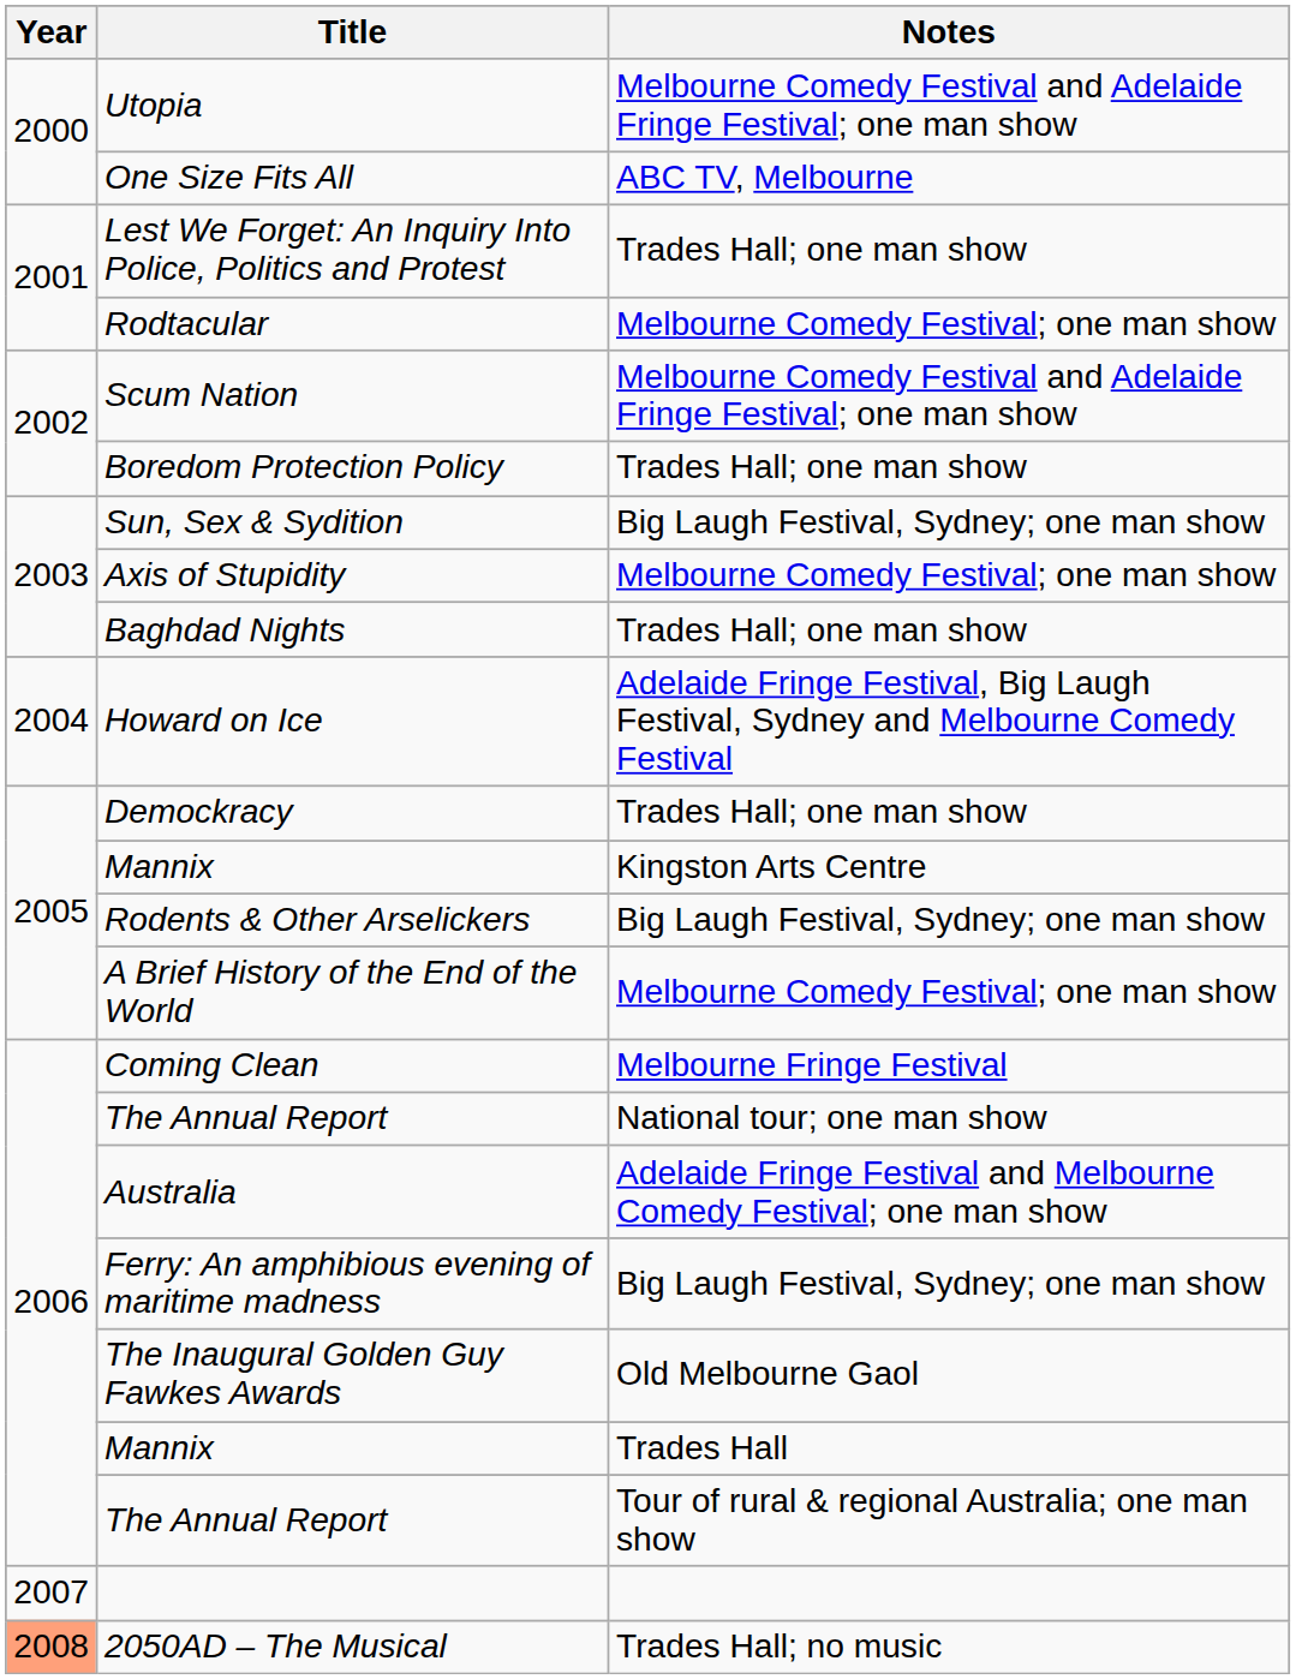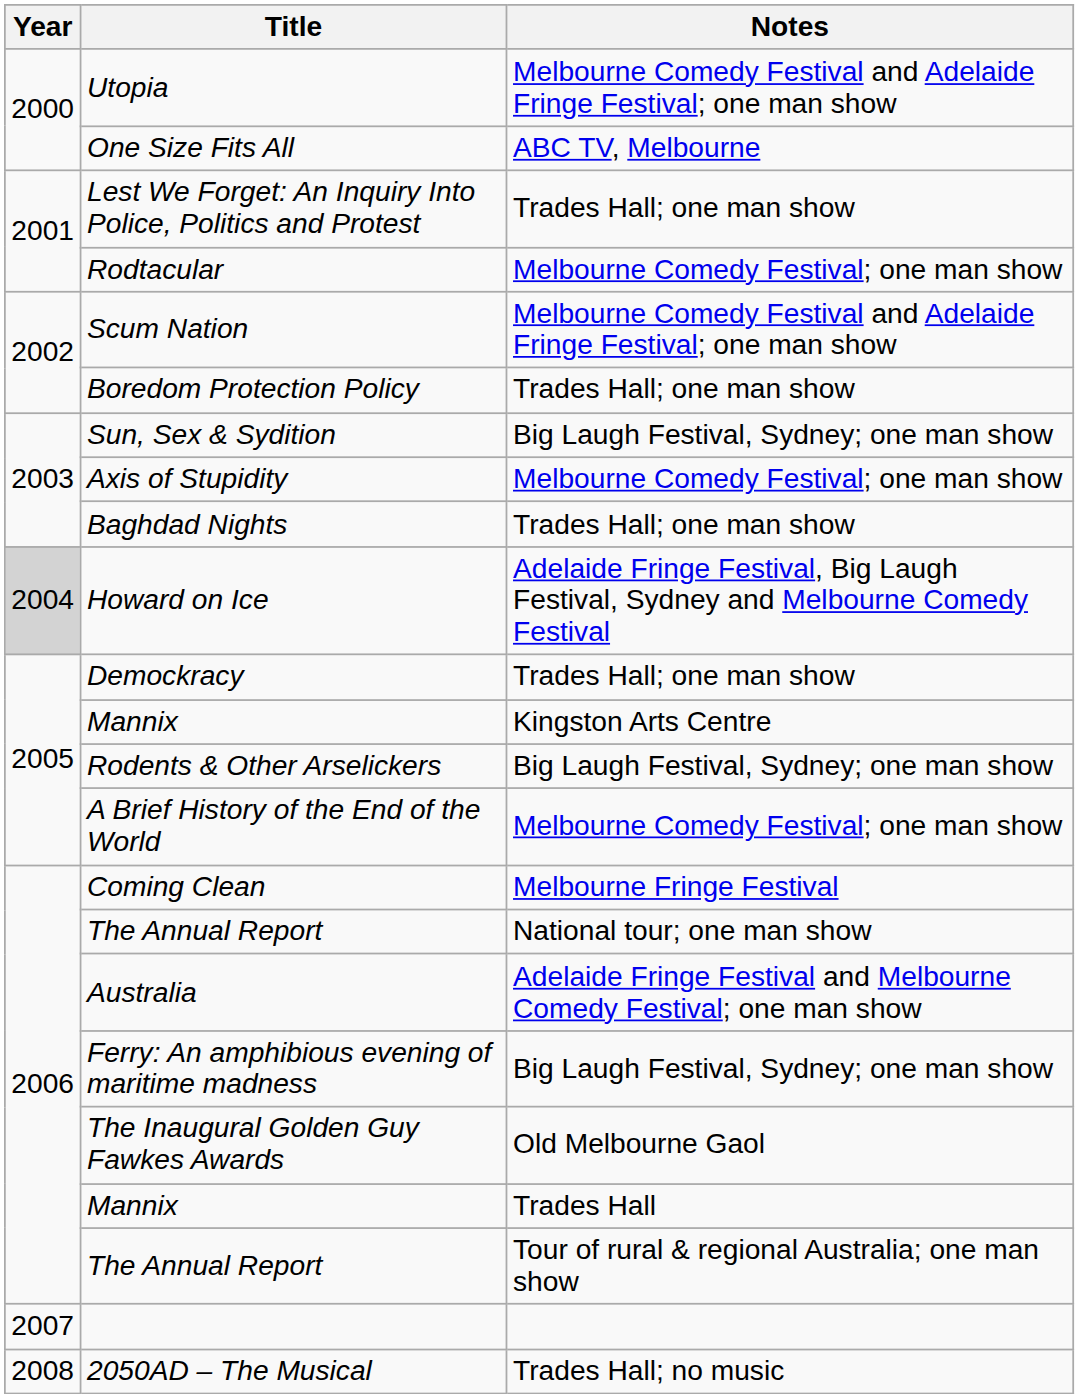 <table class="wikitable">
 <tr>
 <th>Year</th>
 <th>Title</th>
 <th>Notes</th>
 </tr>
 <tr>
 <td rowspan="2">2000</td>
 <td><em>Utopia</em></td>
 <td><a href='#'>Melbourne Comedy Festival</a> and <a href='#'>Adelaide Fringe Festival</a>; one man show</td>
 </tr>
 <tr>
 <td><em>One Size Fits All</em></td>
 <td><a href='#'>ABC TV</a>, <a href='#'>Melbourne</a></td>
 </tr>
 <tr>
 <td rowspan="2">2001</td>
 <td><em>Lest We Forget: An Inquiry Into Police, Politics and Protest</em></td>
 <td>Trades Hall; one man show</td>
 </tr>
 <tr>
 <td><em>Rodtacular</em></td>
 <td><a href='#'>Melbourne Comedy Festival</a>; one man show</td>
 </tr>
 <tr>
 <td rowspan="2">2002</td>
 <td><em>Scum Nation</em></td>
 <td><a href='#'>Melbourne Comedy Festival</a> and <a href='#'>Adelaide Fringe Festival</a>; one man show</td>
 </tr>
 <tr>
 <td><em>Boredom Protection Policy</em></td>
 <td>Trades Hall; one man show</td>
 </tr>
 <tr>
 <td rowspan="3">2003</td>
 <td><em>Sun, Sex & Sydition</em></td>
 <td>Big Laugh Festival, Sydney; one man show</td>
 </tr>
 <tr>
 <td><em>Axis of Stupidity</em></td>
 <td><a href='#'>Melbourne Comedy Festival</a>; one man show</td>
 </tr>
 <tr>
 <td><em>Baghdad Nights</em></td>
 <td>Trades Hall; one man show</td>
 </tr>
 <tr>
-<td>2004</td>
+<td style="background: lightgrey;">2004</td>
 <td><em>Howard on Ice</em></td>
 <td><a href='#'>Adelaide Fringe Festival</a>, Big Laugh Festival, Sydney and <a href='#'>Melbourne Comedy Festival</a></td>
 </tr>
 <tr>
 <td rowspan="4">2005</td>
 <td><em>Demockracy</em></td>
 <td>Trades Hall; one man show</td>
 </tr>
 <tr>
 <td><em>Mannix</em></td>
 <td>Kingston Arts Centre</td>
 </tr>
 <tr>
 <td><em>Rodents & Other Arselickers</em></td>
 <td>Big Laugh Festival, Sydney; one man show</td>
 </tr>
 <tr>
 <td><em>A Brief History of the End of the World</em></td>
 <td><a href='#'>Melbourne Comedy Festival</a>; one man show</td>
 </tr>
 <tr>
 <td rowspan="7">2006</td>
 <td><em>Coming Clean</em></td>
 <td><a href='#'>Melbourne Fringe Festival</a></td>
 </tr>
 <tr>
 <td><em>The Annual Report</em></td>
 <td>National tour; one man show</td>
 </tr>
 <tr>
 <td><em>Australia</em></td>
 <td><a href='#'>Adelaide Fringe Festival</a> and <a href='#'>Melbourne Comedy Festival</a>; one man show</td>
 </tr>
 <tr>
 <td><em>Ferry: An amphibious evening of maritime madness</em></td>
 <td>Big Laugh Festival, Sydney; one man show</td>
 </tr>
 <tr>
 <td><em>The Inaugural Golden Guy Fawkes Awards</em></td>
 <td>Old Melbourne Gaol</td>
 </tr>
 <tr>
 <td><em>Mannix</em></td>
 <td>Trades Hall</td>
 </tr>
 <tr>
 <td><em>The Annual Report</em></td>
 <td>Tour of rural & regional Australia; one man show</td>
 </tr>
 <tr>
 <td>2007</td>
 <td></td>
 <td></td>
 </tr>
 <tr>
-<td style="background: lightsalmon;">2008</td>
+<td>2008</td>
 <td><em>2050AD – The Musical</em></td>
 <td>Trades Hall; no music</td>
 </tr>
 </table>
